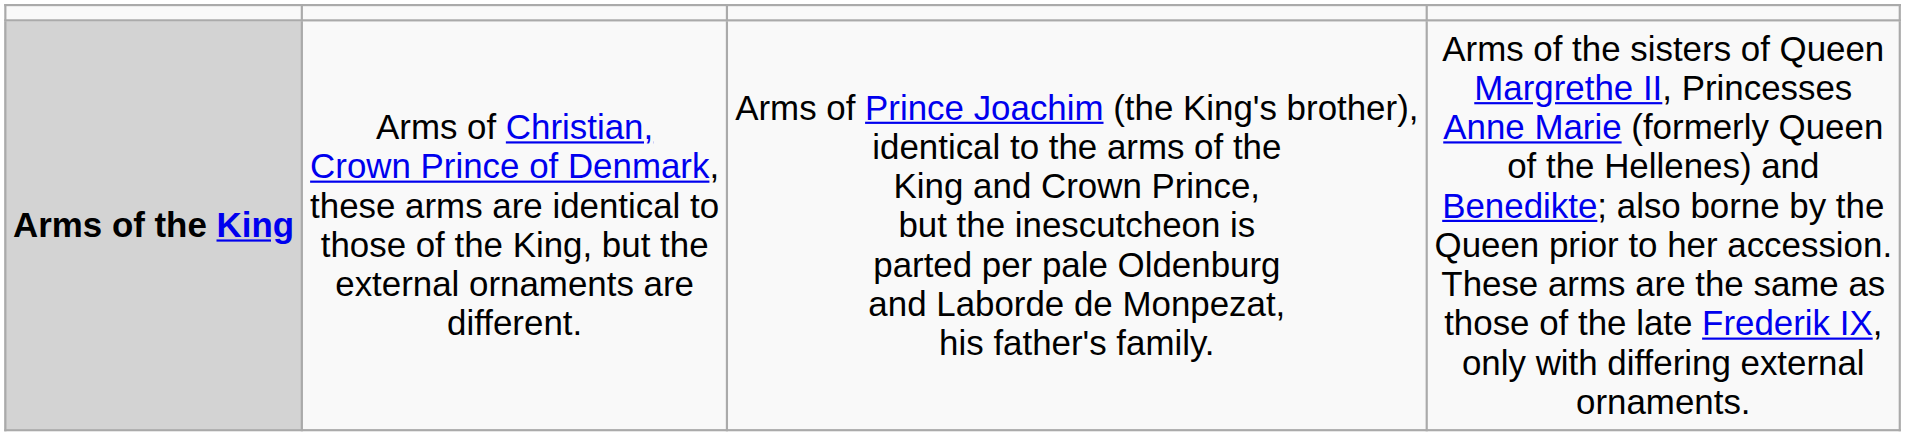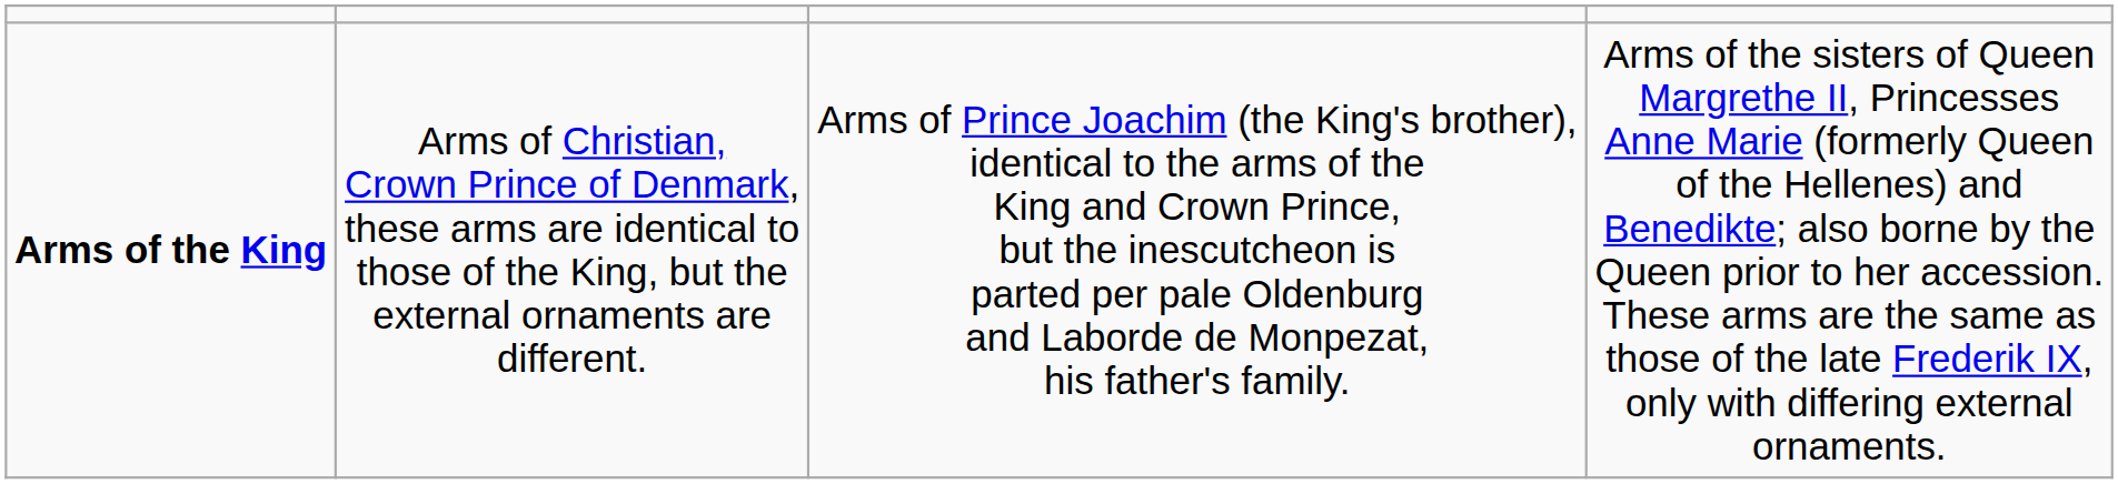 <table class="wikitable" style="margin:1em auto; text-align:center;">
 <tr>
 <td></td>
 <td></td>
 <td></td>
 <td></td>
 </tr>
 <tr>
-<td style="background: lightgrey;"><strong>Arms of the <a href='#'>King</a></strong><br></td>
+<td><strong>Arms of the <a href='#'>King</a></strong><br></td>
 <td>Arms of <a href='#'>Christian,<br> Crown Prince of Denmark</a>,<br>these arms are identical to<br>those of the King, but the <br>external ornaments are<br> different.</td>
 <td>Arms of <a href='#'>Prince Joachim</a> (the King's brother),<br>identical to the arms of the<br> King and Crown Prince,<br> but the inescutcheon is<br>parted per pale Oldenburg<br>and Laborde de Monpezat,<br>his father's family.</td>
 <td>Arms of the sisters of Queen<br> <a href='#'>Margrethe II</a>, Princesses<br><a href='#'>Anne Marie</a> (formerly Queen<br>of the  Hellenes) and <br><a href='#'>Benedikte</a>; also borne by the <br>Queen prior to her accession.<br> These arms are the same as<br> those of the late  <a href='#'>Frederik IX</a>,<br> only with differing external<br> ornaments.</td>
 </tr>
 </table>
